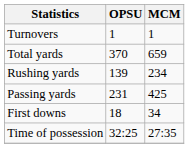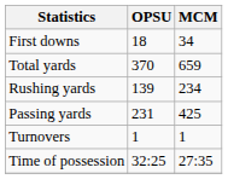 <table class="wikitable">
 <tr>
 <th>Statistics</th>
 <th>OPSU</th>
 <th>MCM</th>
 </tr>
 <tr>
-<td>Turnovers</td>
-<td>1</td>
-<td>1</td>
+<td>First downs</td>
+<td>18</td>
+<td>34</td>
 </tr>
 <tr>
 <td>Total yards</td>
 <td>370</td>
 <td>659</td>
 </tr>
 <tr>
 <td>Rushing yards</td>
 <td>139</td>
 <td>234</td>
 </tr>
 <tr>
 <td>Passing yards</td>
 <td>231</td>
 <td>425</td>
 </tr>
 <tr>
-<td>First downs</td>
-<td>18</td>
-<td>34</td>
+<td>Turnovers</td>
+<td>1</td>
+<td>1</td>
 </tr>
 <tr>
 <td>Time of possession</td>
 <td>32:25</td>
 <td>27:35</td>
 </tr>
 <tr>
 </tr>
 </table>
